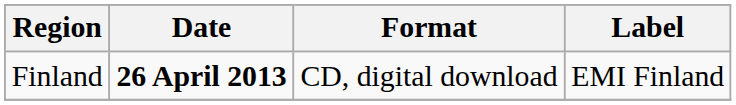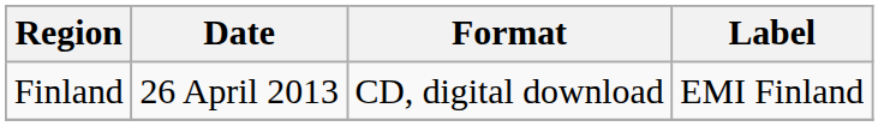 <table class=wikitable>
 <tr>
 <th>Region</th>
 <th>Date</th>
 <th>Format</th>
 <th>Label</th>
 </tr>
 <tr>
 <td>Finland</td>
-<td><strong>26 April 2013</strong></td>
+<td>26 April 2013</td>
 <td>CD, digital download</td>
 <td>EMI Finland</td>
 </tr>
 <tr>
 </tr>
 </table>
